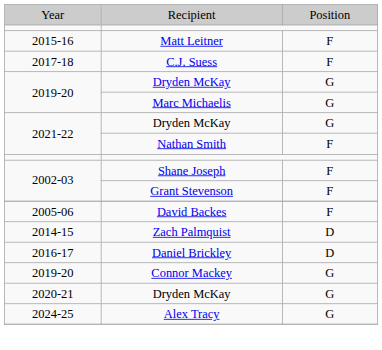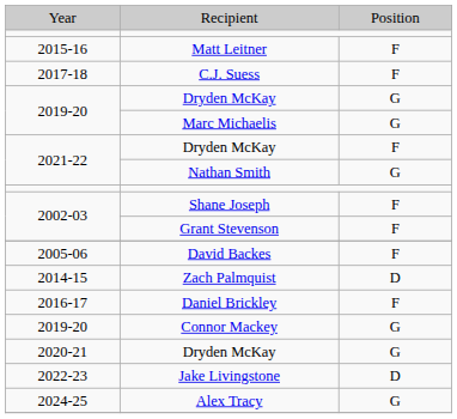 <table class="wikitable"; style="text-align:center; font-size: 95%; width:30em">
 <tr>
 <td style="background:#cccccc;">Year</td>
 <td style="background:#cccccc;">Recipient</td>
 <td style="background:#cccccc;">Position</td>
 </tr>
 <tr>
 <td><a href='#'></a></td>
 </tr>
 <tr>
 <td>2015-16</td>
 <td><a href='#'>Matt Leitner</a></td>
 <td>F</td>
 </tr>
 <tr>
 <td>2017-18</td>
 <td><a href='#'>C.J. Suess</a></td>
 <td>F</td>
 </tr>
 <tr>
 <td rowspan="2">2019-20</td>
 <td><a href='#'>Dryden McKay</a></td>
 <td>G</td>
 </tr>
 <tr>
 <td><a href='#'>Marc Michaelis</a></td>
 <td>G</td>
 </tr>
 <tr>
 <td rowspan="2">2021-22</td>
 <td>Dryden McKay</td>
-<td>G</td>
+<td>F</td>
 </tr>
 <tr>
 <td><a href='#'>Nathan Smith</a></td>
-<td>F</td>
+<td>G</td>
 </tr>
 <tr>
 <td><a href='#'></a></td>
 </tr>
 <tr>
 <td rowspan="2">2002-03</td>
 <td><a href='#'>Shane Joseph</a></td>
 <td>F</td>
 </tr>
 <tr>
 <td><a href='#'>Grant Stevenson</a></td>
 <td>F</td>
 </tr>
 <tr>
 </tr>
 <tr>
 <td>2005-06</td>
 <td><a href='#'>David Backes</a></td>
 <td>F</td>
 </tr>
 <tr>
 <td>2014-15</td>
 <td><a href='#'>Zach Palmquist</a></td>
 <td>D</td>
 </tr>
 <tr>
 <td>2016-17</td>
 <td><a href='#'>Daniel Brickley</a></td>
-<td>D</td>
+<td>F</td>
 </tr>
 <tr>
 <td>2019-20</td>
 <td><a href='#'>Connor Mackey</a></td>
 <td>G</td>
 </tr>
 <tr>
 <td>2020-21</td>
 <td>Dryden McKay</td>
 <td>G</td>
 </tr>
 <tr>
+<td>2022-23</td>
+<td><a href='#'>Jake Livingstone</a></td>
+<td>D</td>
+</tr>
+<tr>
 <td>2024-25</td>
 <td><a href='#'>Alex Tracy</a></td>
 <td>G</td>
 </tr>
 <tr>
 </tr>
 </table>
